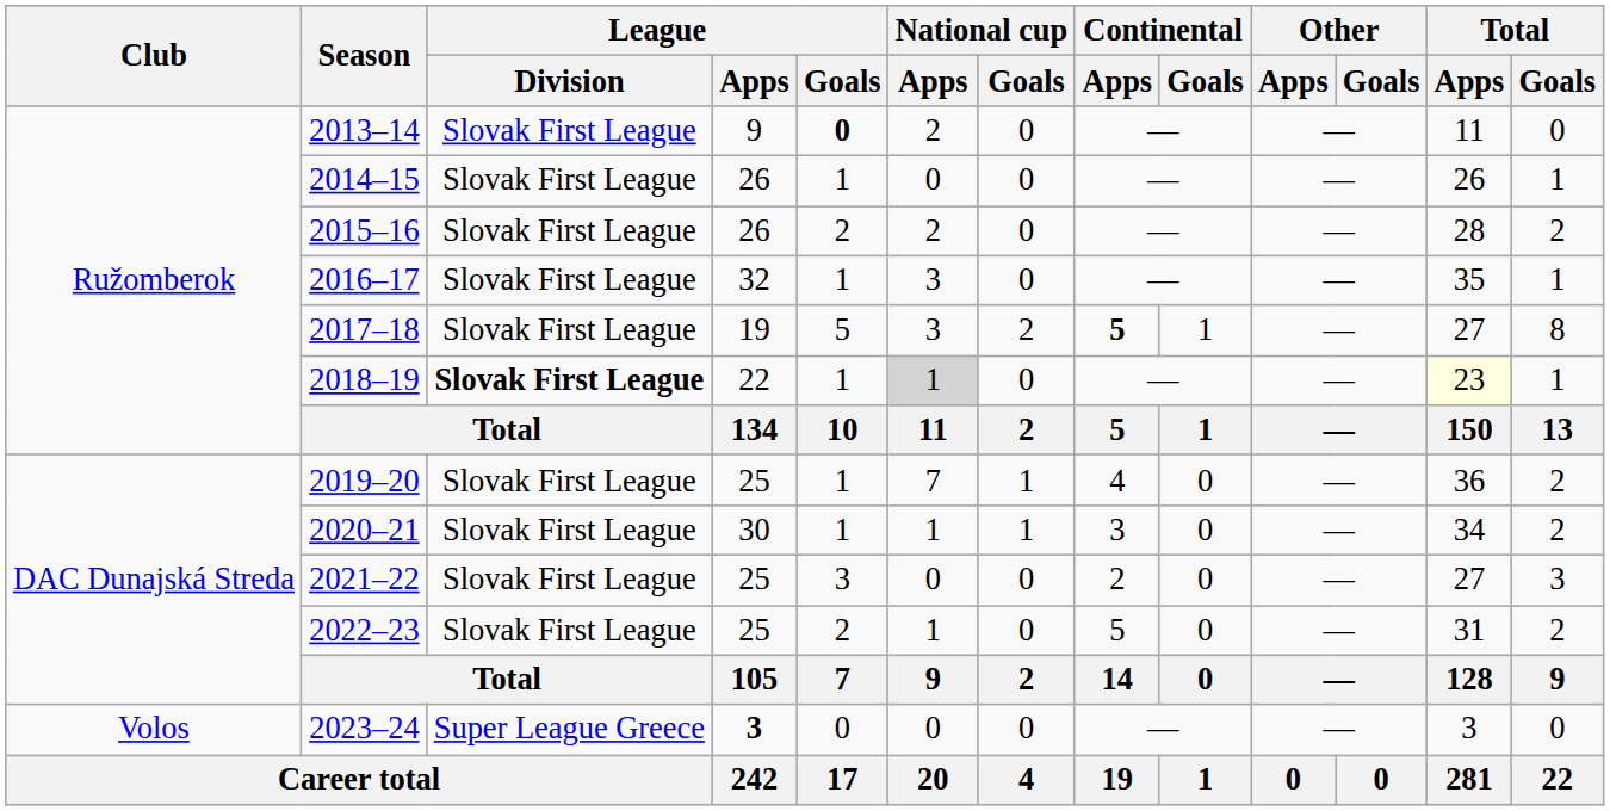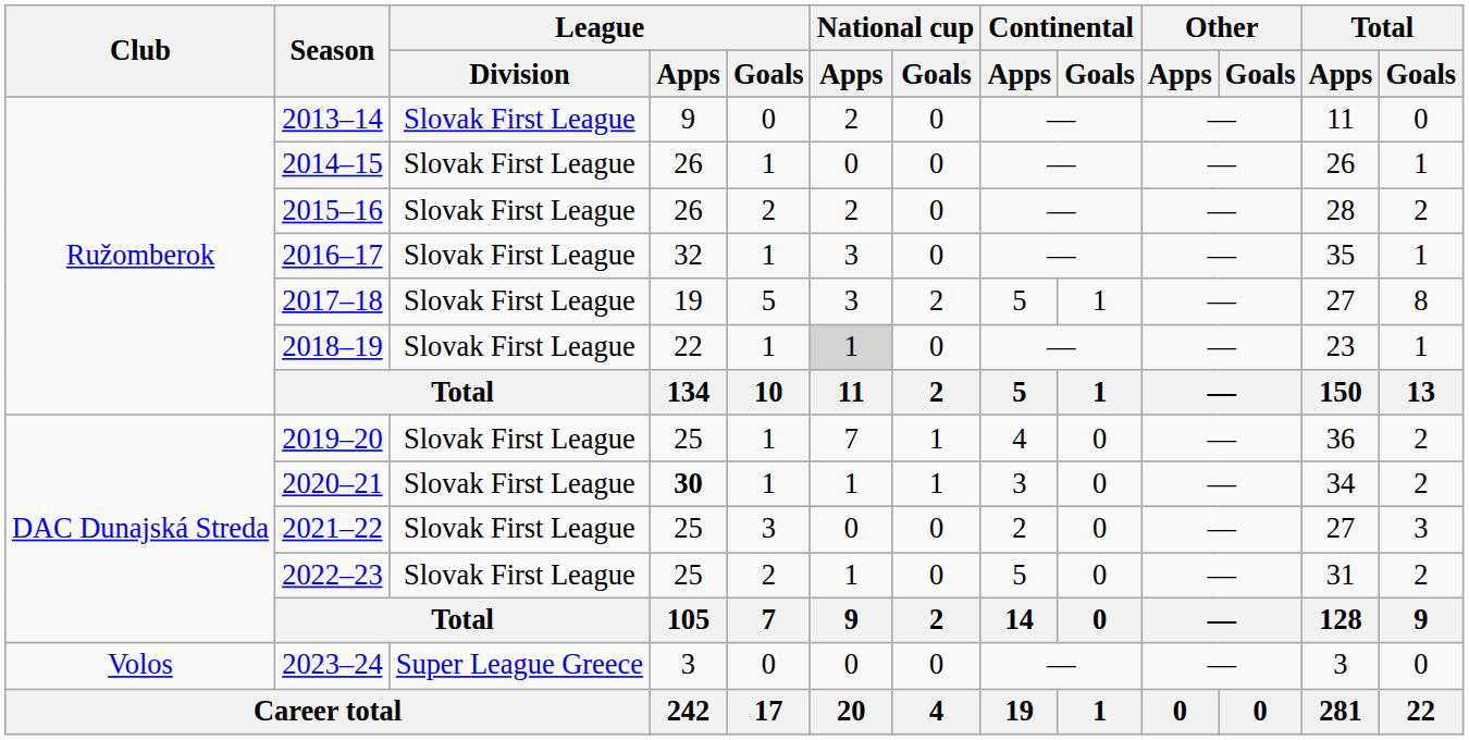 <table class="wikitable" style="text-align:center">
 <tr>
 <th rowspan="2">Club</th>
 <th rowspan="2">Season</th>
 <th colspan="3">League</th>
 <th colspan="2">National cup</th>
 <th colspan="2">Continental</th>
 <th colspan="2">Other</th>
 <th colspan="2">Total</th>
 </tr>
 <tr>
 <th>Division</th>
 <th>Apps</th>
 <th>Goals</th>
 <th>Apps</th>
 <th>Goals</th>
 <th>Apps</th>
 <th>Goals</th>
 <th>Apps</th>
 <th>Goals</th>
 <th>Apps</th>
 <th>Goals</th>
 </tr>
 <tr>
 <td rowspan="7"><a href='#'>Ružomberok</a></td>
 <td><a href='#'>2013–14</a></td>
 <td><a href='#'>Slovak First League</a></td>
 <td>9</td>
-<td><strong>0</strong></td>
+<td>0</td>
 <td>2</td>
 <td>0</td>
 <td colspan="2">—</td>
 <td colspan="2">—</td>
 <td>11</td>
 <td>0</td>
 </tr>
 <tr>
 <td><a href='#'>2014–15</a></td>
 <td>Slovak First League</td>
 <td>26</td>
 <td>1</td>
 <td>0</td>
 <td>0</td>
 <td colspan="2">—</td>
 <td colspan="2">—</td>
 <td>26</td>
 <td>1</td>
 </tr>
 <tr>
 <td><a href='#'>2015–16</a></td>
 <td>Slovak First League</td>
 <td>26</td>
 <td>2</td>
 <td>2</td>
 <td>0</td>
 <td colspan="2">—</td>
 <td colspan="2">—</td>
 <td>28</td>
 <td>2</td>
 </tr>
 <tr>
 <td><a href='#'>2016–17</a></td>
 <td>Slovak First League</td>
 <td>32</td>
 <td>1</td>
 <td>3</td>
 <td>0</td>
 <td colspan="2">—</td>
 <td colspan="2">—</td>
 <td>35</td>
 <td>1</td>
 </tr>
 <tr>
 <td><a href='#'>2017–18</a></td>
 <td>Slovak First League</td>
 <td>19</td>
 <td>5</td>
 <td>3</td>
 <td>2</td>
-<td><strong>5</strong></td>
+<td>5</td>
 <td>1</td>
 <td colspan="2">—</td>
 <td>27</td>
 <td>8</td>
 </tr>
 <tr>
 <td><a href='#'>2018–19</a></td>
-<td><strong>Slovak First League</strong></td>
+<td>Slovak First League</td>
 <td>22</td>
 <td>1</td>
 <td style="background: lightgrey;">1</td>
 <td>0</td>
 <td colspan="2">—</td>
 <td colspan="2">—</td>
-<td style="background: lightyellow;">23</td>
+<td>23</td>
 <td>1</td>
 </tr>
 <tr>
 <th colspan="2">Total</th>
 <th>134</th>
 <th>10</th>
 <th>11</th>
 <th>2</th>
 <th>5</th>
 <th>1</th>
 <th colspan="2">—</th>
 <th>150</th>
 <th>13</th>
 </tr>
 <tr>
 <td rowspan="5"><a href='#'>DAC Dunajská Streda</a></td>
 <td><a href='#'>2019–20</a></td>
 <td>Slovak First League</td>
 <td>25</td>
 <td>1</td>
 <td>7</td>
 <td>1</td>
 <td>4</td>
 <td>0</td>
 <td colspan="2">—</td>
 <td>36</td>
 <td>2</td>
 </tr>
 <tr>
 <td><a href='#'>2020–21</a></td>
 <td>Slovak First League</td>
-<td>30</td>
+<td><strong>30</strong></td>
 <td>1</td>
 <td>1</td>
 <td>1</td>
 <td>3</td>
 <td>0</td>
 <td colspan="2">—</td>
 <td>34</td>
 <td>2</td>
 </tr>
 <tr>
 <td><a href='#'>2021–22</a></td>
 <td>Slovak First League</td>
 <td>25</td>
 <td>3</td>
 <td>0</td>
 <td>0</td>
 <td>2</td>
 <td>0</td>
 <td colspan="2">—</td>
 <td>27</td>
 <td>3</td>
 </tr>
 <tr>
 <td><a href='#'>2022–23</a></td>
 <td>Slovak First League</td>
 <td>25</td>
 <td>2</td>
 <td>1</td>
 <td>0</td>
 <td>5</td>
 <td>0</td>
 <td colspan="2">—</td>
 <td>31</td>
 <td>2</td>
 </tr>
 <tr>
 <th colspan="2">Total</th>
 <th>105</th>
 <th>7</th>
 <th>9</th>
 <th>2</th>
 <th>14</th>
 <th>0</th>
 <th colspan="2">—</th>
 <th>128</th>
 <th>9</th>
 </tr>
 <tr>
 <td><a href='#'>Volos</a></td>
 <td><a href='#'>2023–24</a></td>
 <td><a href='#'>Super League Greece</a></td>
-<td><strong>3</strong></td>
+<td>3</td>
 <td>0</td>
 <td>0</td>
 <td>0</td>
 <td colspan="2">—</td>
 <td colspan="2">—</td>
 <td>3</td>
 <td>0</td>
 </tr>
 <tr>
 <th colspan="3">Career total</th>
 <th>242</th>
 <th>17</th>
 <th>20</th>
 <th>4</th>
 <th>19</th>
 <th>1</th>
 <th>0</th>
 <th>0</th>
 <th>281</th>
 <th>22</th>
 </tr>
 </table>
